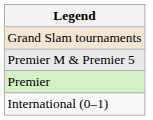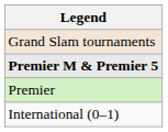 <table class=wikitable style=font-size:90%>
 <tr>
 <th>Legend</th>
 </tr>
 <tr>
 <td style="background:#f3e6d7;">Grand Slam tournaments</td>
 </tr>
 <tr>
-<td style="background:#e9e9e9;">Premier M & Premier 5</td>
+<td style="background:#e9e9e9;"><strong>Premier M & Premier 5</strong></td>
 </tr>
 <tr>
 <td style="background:#d4f1c5;">Premier</td>
 </tr>
 <tr>
 <td>International (0–1)</td>
 </tr>
 </table>
